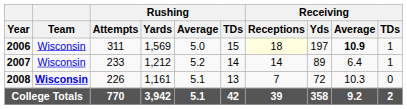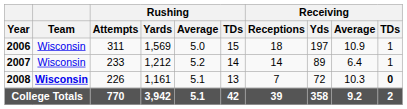 <table class="wikitable" style="text-align:center;">
 <tr>
 <th></th>
 <th></th>
 <th colspan="4">Rushing</th>
 <th colspan="4">Receiving</th>
 </tr>
 <tr>
 <th>Year</th>
 <th>Team</th>
 <th>Attempts</th>
 <th>Yards</th>
 <th>Average</th>
 <th>TDs</th>
 <th>Receptions</th>
 <th>Yds</th>
 <th>Average</th>
 <th>TDs</th>
 </tr>
 <tr>
 <td><strong>2006</strong></td>
 <td><a href='#'>Wisconsin</a></td>
 <td>311</td>
 <td>1,569</td>
 <td>5.0</td>
 <td>15</td>
-<td style="background: lightyellow;">18</td>
+<td>18</td>
 <td>197</td>
-<td><strong>10.9</strong></td>
+<td>10.9</td>
 <td>1</td>
 </tr>
 <tr>
 <td><strong>2007</strong></td>
 <td><a href='#'>Wisconsin</a></td>
 <td>233</td>
 <td>1,212</td>
 <td>5.2</td>
 <td>14</td>
 <td>14</td>
 <td>89</td>
 <td>6.4</td>
 <td>1</td>
 </tr>
 <tr>
 <td><strong>2008</strong></td>
 <td><strong><a href='#'>Wisconsin</a></strong></td>
 <td>226</td>
 <td>1,161</td>
 <td>5.1</td>
 <td>13</td>
 <td>7</td>
 <td>72</td>
 <td>10.3</td>
-<td>0</td>
+<td><strong>0</strong></td>
 </tr>
 <tr style="background:#555555;font-weight:bold;color:white;">
 <td colspan="2">College Totals</td>
 <td>770</td>
 <td>3,942</td>
 <td>5.1</td>
 <td>42</td>
 <td>39</td>
 <td>358</td>
 <td>9.2</td>
 <td>2</td>
 </tr>
 </table>
